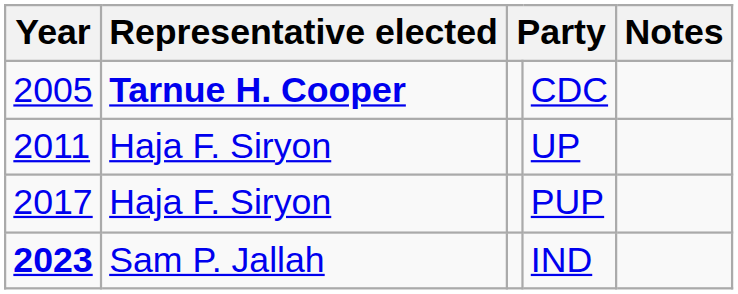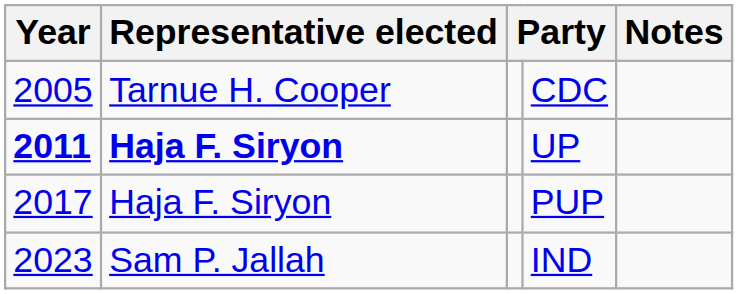 <table class="wikitable">
 <tr>
 <th>Year</th>
 <th>Representative elected</th>
 <th colspan=2>Party</th>
 <th>Notes</th>
 </tr>
 <tr>
 <td><a href='#'>2005</a></td>
-<td><strong><a href='#'>Tarnue H. Cooper</a></strong></td>
+<td><a href='#'>Tarnue H. Cooper</a></td>
 <td></td>
 <td><a href='#'>CDC</a></td>
 <td></td>
 </tr>
 <tr>
-<td><a href='#'>2011</a></td>
-<td><a href='#'>Haja F. Siryon</a></td>
+<td><strong><a href='#'>2011</a></strong></td>
+<td><strong><a href='#'>Haja F. Siryon</a></strong></td>
 <td></td>
 <td><a href='#'>UP</a></td>
 <td></td>
 </tr>
 <tr>
 <td><a href='#'>2017</a></td>
 <td><a href='#'>Haja F. Siryon</a></td>
 <td></td>
 <td><a href='#'>PUP</a></td>
 <td></td>
 </tr>
 <tr>
-<td><strong><a href='#'>2023</a></strong></td>
+<td><a href='#'>2023</a></td>
 <td><a href='#'>Sam P. Jallah</a></td>
 <td></td>
 <td><a href='#'>IND</a></td>
 <td></td>
 </tr>
 </table>
